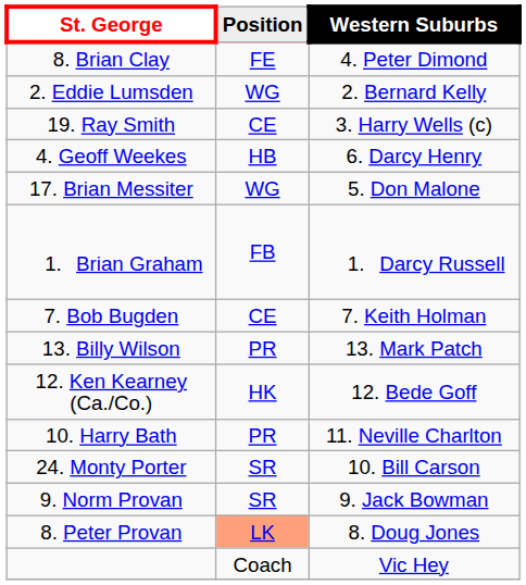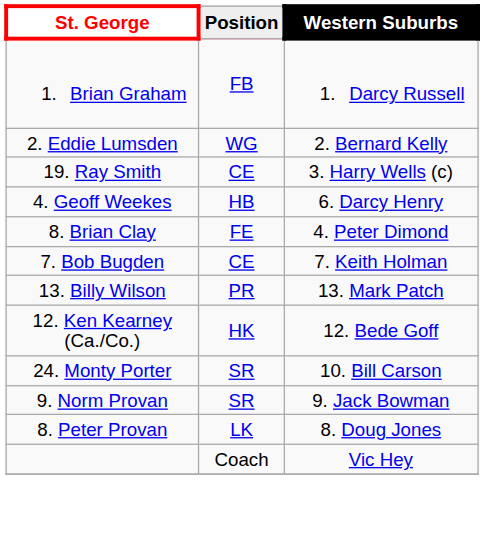 <table align="right" class="wikitable" style="font-size:90%; margin-left:1em">
 <tr bgcolor="#FF0033">
 <th style="width:140px; border:3px solid red; background: white; color: red">St. George</th>
 <th style="width:40px; text-align:center; background:#eee; color:black;">Position</th>
 <th style="width:140px; border:3px solid black; background: black; color: white">Western Suburbs</th>
 </tr>
 <tr align=center>
-<td>8. <a href='#'>Brian Clay</a></td>
-<td><a href='#'>FE</a></td>
-<td>4. <a href='#'>Peter Dimond</a></td>
+<td><br><ol><li><a href='#'>Brian Graham</a></li></ol></td>
+<td><a href='#'>FB</a></td>
+<td><br><ol><li><a href='#'>Darcy Russell</a></li></ol></td>
 </tr>
 <tr align=center>
 <td>2. <a href='#'>Eddie Lumsden</a></td>
 <td><a href='#'>WG</a></td>
 <td>2. <a href='#'>Bernard Kelly</a></td>
 </tr>
 <tr align=center>
 <td>19. <a href='#'>Ray Smith</a></td>
 <td><a href='#'>CE</a></td>
 <td>3. <a href='#'>Harry Wells</a> (c)</td>
 </tr>
 <tr align=center>
 <td>4. <a href='#'>Geoff Weekes</a></td>
 <td><a href='#'>HB</a></td>
 <td>6. <a href='#'>Darcy Henry</a></td>
 </tr>
 <tr align=center>
-<td>17. <a href='#'>Brian Messiter</a></td>
-<td><a href='#'>WG</a></td>
-<td>5. <a href='#'>Don Malone</a></td>
-</tr>
-<tr align=center>
-<td><br><ol><li><a href='#'>Brian Graham</a></li></ol></td>
-<td><a href='#'>FB</a></td>
-<td><br><ol><li><a href='#'>Darcy Russell</a></li></ol></td>
+<td>8. <a href='#'>Brian Clay</a></td>
+<td><a href='#'>FE</a></td>
+<td>4. <a href='#'>Peter Dimond</a></td>
 </tr>
 <tr align=center>
 <td>7. <a href='#'>Bob Bugden</a></td>
 <td><a href='#'>CE</a></td>
 <td>7. <a href='#'>Keith Holman</a></td>
 </tr>
 <tr align=center>
 <td>13. <a href='#'>Billy Wilson</a></td>
 <td><a href='#'>PR</a></td>
 <td>13. <a href='#'>Mark Patch</a></td>
 </tr>
 <tr align=center>
 <td>12. <a href='#'>Ken Kearney</a> (Ca./Co.)</td>
 <td><a href='#'>HK</a></td>
 <td>12. <a href='#'>Bede Goff</a></td>
 </tr>
 <tr align=center>
-<td>10. <a href='#'>Harry Bath</a></td>
-<td><a href='#'>PR</a></td>
-<td>11. <a href='#'>Neville Charlton</a></td>
-</tr>
-<tr align=center>
 <td>24. <a href='#'>Monty Porter</a></td>
 <td><a href='#'>SR</a></td>
 <td>10. <a href='#'>Bill Carson</a></td>
 </tr>
 <tr align=center>
 <td>9. <a href='#'>Norm Provan</a></td>
 <td><a href='#'>SR</a></td>
 <td>9. <a href='#'>Jack Bowman</a></td>
 </tr>
 <tr align=center>
 <td>8. <a href='#'>Peter Provan</a></td>
-<td style="background: lightsalmon;"><a href='#'>LK</a></td>
+<td><a href='#'>LK</a></td>
 <td>8. <a href='#'>Doug Jones</a></td>
 </tr>
 <tr align=center>
 <td></td>
 <td>Coach</td>
 <td><a href='#'>Vic Hey</a></td>
 </tr>
 <tr>
 </tr>
 </table>
